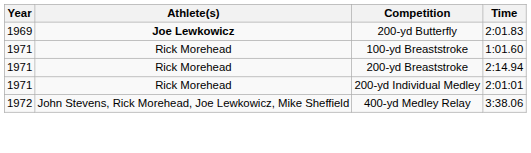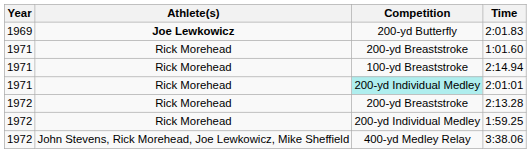 <table class="wikitable sortable" style="text-align:center;">
 <tr>
 <th style="text-align:center;">Year</th>
 <th style="text-align:center;">Athlete(s)</th>
 <th style="text-align:center;">Competition</th>
 <th style="text-align:center;">Time</th>
 </tr>
 <tr>
 <td>1969</td>
 <td><strong>Joe Lewkowicz</strong></td>
 <td>200-yd Butterfly</td>
 <td>2:01.83</td>
 </tr>
 <tr>
 <td>1971</td>
 <td>Rick Morehead</td>
-<td>100-yd Breaststroke</td>
+<td>200-yd Breaststroke</td>
 <td>1:01.60</td>
 </tr>
 <tr>
 <td>1971</td>
 <td>Rick Morehead</td>
-<td>200-yd Breaststroke</td>
+<td>100-yd Breaststroke</td>
 <td>2:14.94</td>
 </tr>
 <tr>
 <td>1971</td>
 <td>Rick Morehead</td>
+<td style="background: paleturquoise;">200-yd Individual Medley</td>
+<td>2:01:01</td>
+</tr>
+<tr>
+<td>1972</td>
+<td>Rick Morehead</td>
+<td>200-yd Breaststroke</td>
+<td>2:13.28</td>
+</tr>
+<tr>
+<td>1972</td>
+<td>Rick Morehead</td>
 <td>200-yd Individual Medley</td>
-<td>2:01:01</td>
+<td>1:59.25</td>
 </tr>
 <tr>
 <td>1972</td>
 <td>John Stevens, Rick Morehead, Joe Lewkowicz, Mike Sheffield</td>
 <td>400-yd Medley Relay</td>
 <td>3:38.06</td>
 </tr>
 </table>
